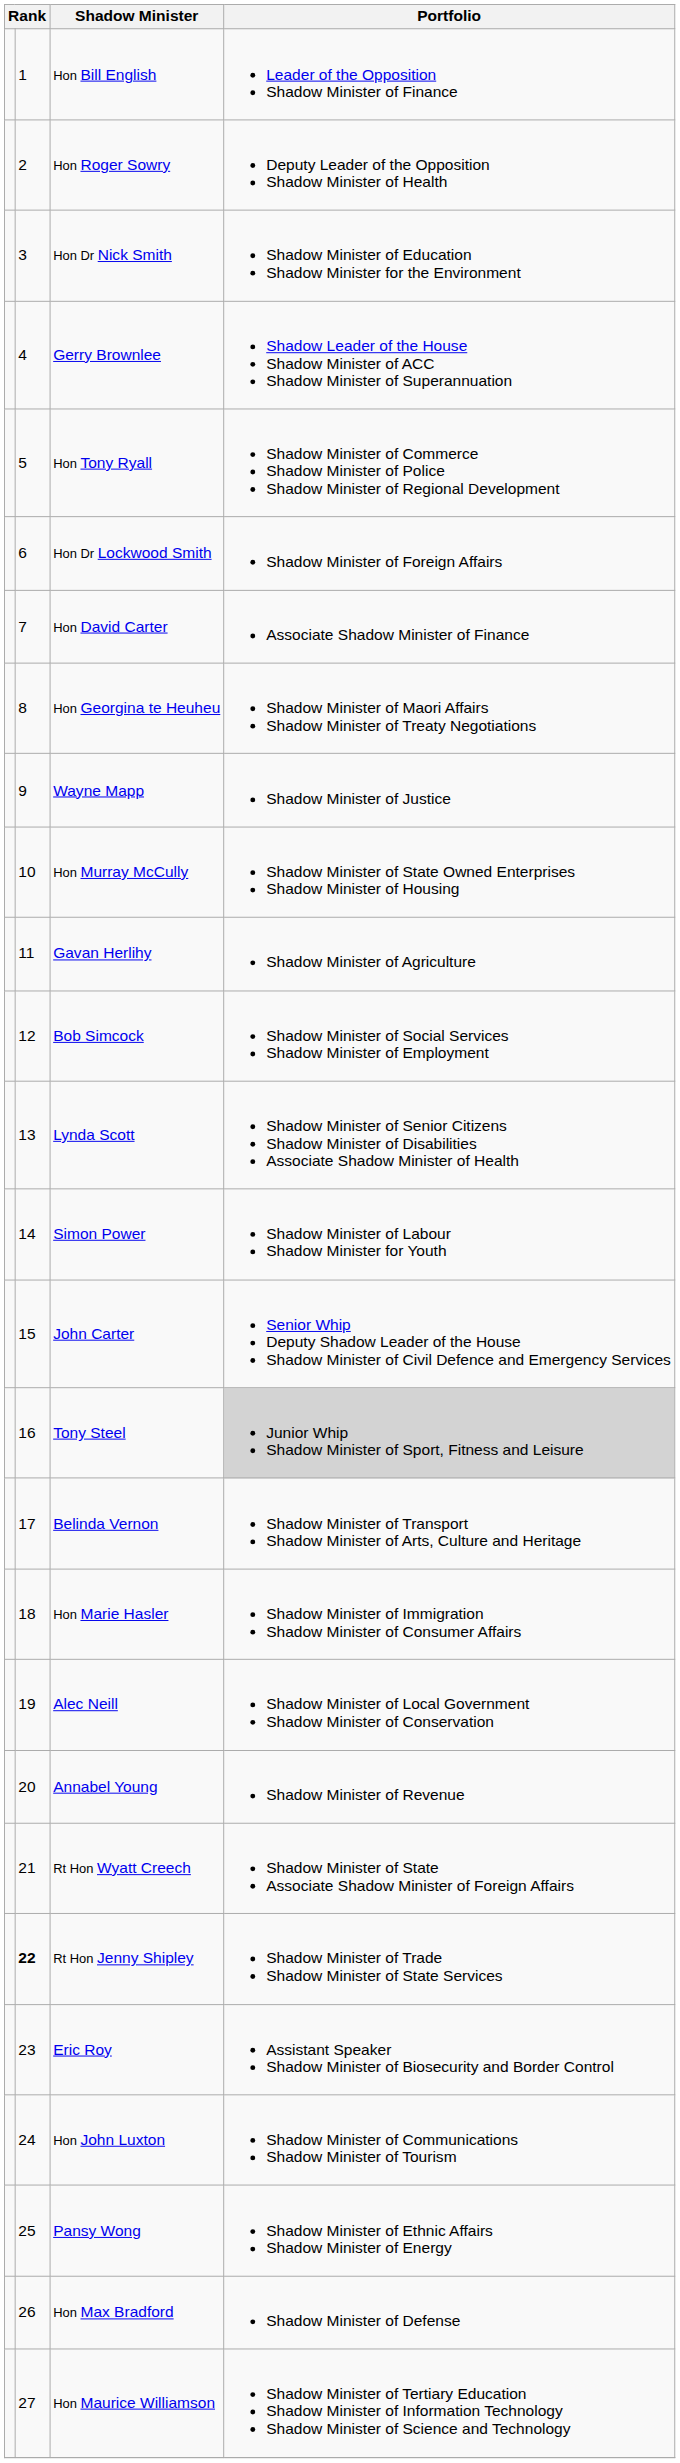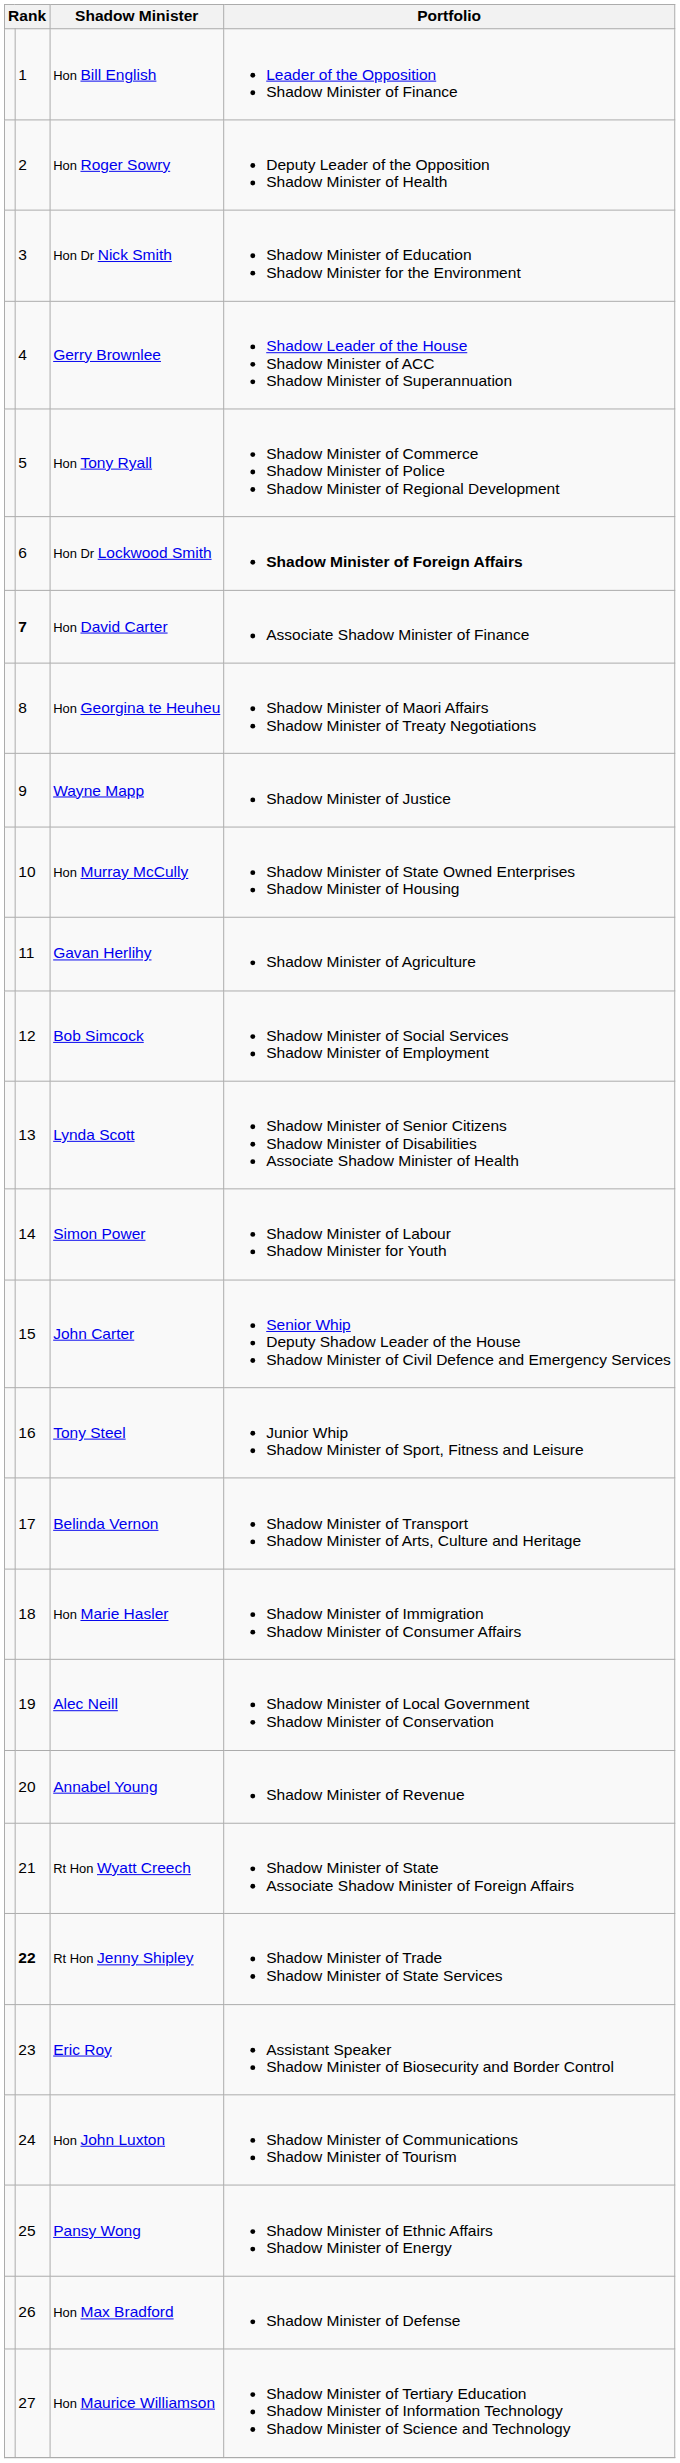 <table class="wikitable">
 <tr>
 <th colspan="2">Rank</th>
 <th>Shadow Minister</th>
 <th>Portfolio</th>
 </tr>
 <tr>
 <td bgcolor=></td>
 <td>1</td>
 <td><small>Hon </small><a href='#'>Bill English</a></td>
 <td><br><ul><li><a href='#'>Leader of the Opposition</a></li><li>Shadow Minister of Finance</li></ul></td>
 </tr>
 <tr>
 <td bgcolor=></td>
 <td>2</td>
 <td><small>Hon </small><a href='#'>Roger Sowry</a></td>
 <td><br><ul><li>Deputy Leader of the Opposition</li><li>Shadow Minister of Health</li></ul></td>
 </tr>
 <tr>
 <td bgcolor=></td>
 <td>3</td>
 <td><small>Hon Dr </small><a href='#'>Nick Smith</a></td>
 <td><br><ul><li>Shadow Minister of Education</li><li>Shadow Minister for the Environment</li></ul></td>
 </tr>
 <tr>
 <td bgcolor=></td>
 <td>4</td>
 <td><a href='#'>Gerry Brownlee</a></td>
 <td><br><ul><li><a href='#'>Shadow Leader of the House</a></li><li>Shadow Minister of ACC</li><li>Shadow Minister of Superannuation</li></ul></td>
 </tr>
 <tr>
 <td bgcolor=></td>
 <td>5</td>
 <td><small>Hon </small><a href='#'>Tony Ryall</a></td>
 <td><br><ul><li>Shadow Minister of Commerce</li><li>Shadow Minister of Police</li><li>Shadow Minister of Regional Development</li></ul></td>
 </tr>
 <tr>
 <td bgcolor=></td>
 <td>6</td>
 <td><small>Hon Dr </small><a href='#'>Lockwood Smith</a></td>
-<td><br><ul><li>Shadow Minister of Foreign Affairs</li></ul></td>
+<td><strong><br><ul><li>Shadow Minister of Foreign Affairs</li></ul></strong></td>
 </tr>
 <tr>
 <td bgcolor=></td>
-<td>7</td>
+<td><strong>7</strong></td>
 <td><small>Hon </small><a href='#'>David Carter</a></td>
 <td><br><ul><li>Associate Shadow Minister of Finance</li></ul></td>
 </tr>
 <tr>
 <td bgcolor=></td>
 <td>8</td>
 <td><small>Hon </small><a href='#'>Georgina te Heuheu</a></td>
 <td><br><ul><li>Shadow Minister of Maori Affairs</li><li>Shadow Minister of Treaty Negotiations</li></ul></td>
 </tr>
 <tr>
 <td bgcolor=></td>
 <td>9</td>
 <td><a href='#'>Wayne Mapp</a></td>
 <td><br><ul><li>Shadow Minister of Justice</li></ul></td>
 </tr>
 <tr>
 <td bgcolor=></td>
 <td>10</td>
 <td><small>Hon </small><a href='#'>Murray McCully</a></td>
 <td><br><ul><li>Shadow Minister of State Owned Enterprises</li><li>Shadow Minister of Housing</li></ul></td>
 </tr>
 <tr>
 <td bgcolor=></td>
 <td>11</td>
 <td><a href='#'>Gavan Herlihy</a></td>
 <td><br><ul><li>Shadow Minister of Agriculture</li></ul></td>
 </tr>
 <tr>
 <td bgcolor=></td>
 <td>12</td>
 <td><a href='#'>Bob Simcock</a></td>
 <td><br><ul><li>Shadow Minister of Social Services</li><li>Shadow Minister of Employment</li></ul></td>
 </tr>
 <tr>
 <td bgcolor=></td>
 <td>13</td>
 <td><a href='#'>Lynda Scott</a></td>
 <td><br><ul><li>Shadow Minister of Senior Citizens</li><li>Shadow Minister of Disabilities</li><li>Associate Shadow Minister of Health</li></ul></td>
 </tr>
 <tr>
 <td bgcolor=></td>
 <td>14</td>
 <td><a href='#'>Simon Power</a></td>
 <td><br><ul><li>Shadow Minister of Labour</li><li>Shadow Minister for Youth</li></ul></td>
 </tr>
 <tr>
 <td bgcolor=></td>
 <td>15</td>
 <td><a href='#'>John Carter</a></td>
 <td><br><ul><li><a href='#'>Senior Whip</a></li><li>Deputy Shadow Leader of the House</li><li>Shadow Minister of Civil Defence and Emergency Services</li></ul></td>
 </tr>
 <tr>
 <td bgcolor=></td>
 <td>16</td>
 <td><a href='#'>Tony Steel</a></td>
-<td style="background: lightgrey;"><br><ul><li>Junior Whip</li><li>Shadow Minister of Sport, Fitness and Leisure</li></ul></td>
+<td><br><ul><li>Junior Whip</li><li>Shadow Minister of Sport, Fitness and Leisure</li></ul></td>
 </tr>
 <tr>
 <td bgcolor=></td>
 <td>17</td>
 <td><a href='#'>Belinda Vernon</a></td>
 <td><br><ul><li>Shadow Minister of Transport</li><li>Shadow Minister of Arts, Culture and Heritage</li></ul></td>
 </tr>
 <tr>
 <td bgcolor=></td>
 <td>18</td>
 <td><small>Hon </small><a href='#'>Marie Hasler</a></td>
 <td><br><ul><li>Shadow Minister of Immigration</li><li>Shadow Minister of Consumer Affairs</li></ul></td>
 </tr>
 <tr>
 <td bgcolor=></td>
 <td>19</td>
 <td><a href='#'>Alec Neill</a></td>
 <td><br><ul><li>Shadow Minister of Local Government</li><li>Shadow Minister of Conservation</li></ul></td>
 </tr>
 <tr>
 <td bgcolor=></td>
 <td>20</td>
 <td><a href='#'>Annabel Young</a></td>
 <td><br><ul><li>Shadow Minister of Revenue</li></ul></td>
 </tr>
 <tr>
 <td bgcolor=></td>
 <td>21</td>
 <td><small>Rt Hon </small><a href='#'>Wyatt Creech</a></td>
 <td><br><ul><li>Shadow Minister of State</li><li>Associate Shadow Minister of Foreign Affairs</li></ul></td>
 </tr>
 <tr>
 <td bgcolor=></td>
 <td><strong>22</strong></td>
 <td><small>Rt Hon </small><a href='#'>Jenny Shipley</a></td>
 <td><br><ul><li>Shadow Minister of Trade</li><li>Shadow Minister of State Services</li></ul></td>
 </tr>
 <tr>
 <td bgcolor=></td>
 <td>23</td>
 <td><a href='#'>Eric Roy</a></td>
 <td><br><ul><li>Assistant Speaker</li><li>Shadow Minister of Biosecurity and Border Control</li></ul></td>
 </tr>
 <tr>
 <td bgcolor=></td>
 <td>24</td>
 <td><small>Hon </small><a href='#'>John Luxton</a></td>
 <td><br><ul><li>Shadow Minister of Communications</li><li>Shadow Minister of Tourism</li></ul></td>
 </tr>
 <tr>
 <td bgcolor=></td>
 <td>25</td>
 <td><a href='#'>Pansy Wong</a></td>
 <td><br><ul><li>Shadow Minister of Ethnic Affairs</li><li>Shadow Minister of Energy</li></ul></td>
 </tr>
 <tr>
 <td bgcolor=></td>
 <td>26</td>
 <td><small>Hon </small><a href='#'>Max Bradford</a></td>
 <td><br><ul><li>Shadow Minister of Defense</li></ul></td>
 </tr>
 <tr>
 <td bgcolor=></td>
 <td>27</td>
 <td><small>Hon </small><a href='#'>Maurice Williamson</a></td>
 <td><br><ul><li>Shadow Minister of Tertiary Education</li><li>Shadow Minister of Information Technology</li><li>Shadow Minister of Science and Technology</li></ul></td>
 </tr>
 <tr>
 </tr>
 </table>
